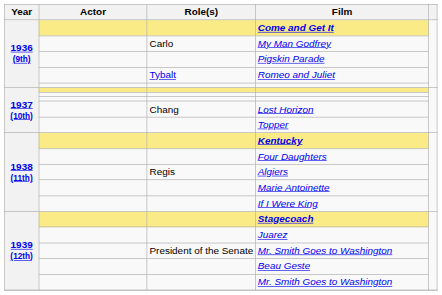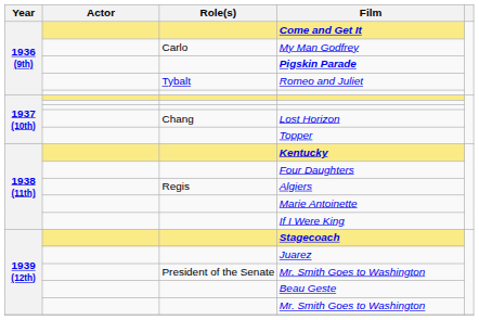 <table class="wikitable sortable" style="text-align:left;">
 <tr>
 <th scope="col" style="width:8%;">Year</th>
 <th scope="col" style="width:25%;">Actor</th>
 <th scope="col" style="width:25%;">Role(s)</th>
 <th scope="col" style="width:40%;">Film</th>
 <th scope="col" style="width:2%;" class="unsortable"></th>
 </tr>
 <tr>
 <th scope="row" rowspan=5 style="text-align:center"><a href='#'>1936</a> <br><small><a href='#'>(9th)</a> </small></th>
 <td style="background:#FAEB86"><strong> </strong></td>
 <td style="background:#FAEB86"><strong></strong></td>
 <td style="background:#FAEB86"><strong><em><a href='#'>Come and Get It</a></em></strong></td>
 <td rowspan=5></td>
 </tr>
 <tr>
 <td></td>
 <td>Carlo</td>
 <td><em><a href='#'>My Man Godfrey</a></em></td>
 </tr>
 <tr>
 <td></td>
 <td></td>
-<td><em><a href='#'>Pigskin Parade</a></em></td>
+<td><strong><em><a href='#'>Pigskin Parade</a></em></strong></td>
 </tr>
 <tr>
 <td></td>
 <td><a href='#'>Tybalt</a></td>
 <td><em><a href='#'>Romeo and Juliet</a></em></td>
 </tr>
 <tr>
 <td></td>
 <td></td>
 <td></td>
 </tr>
 <tr>
 <th scope="row" rowspan=5 style="text-align:center"><a href='#'>1937</a> <br><small><a href='#'>(10th)</a> </small></th>
 <td style="background:#FAEB86"><strong> </strong></td>
 <td style="background:#FAEB86"><strong></strong></td>
 <td style="background:#FAEB86"><strong></strong></td>
 <td rowspan=5></td>
 </tr>
 <tr>
 <td></td>
 <td></td>
 <td></td>
 </tr>
 <tr>
 <td></td>
 <td></td>
 <td></td>
 </tr>
 <tr>
 <td></td>
 <td>Chang</td>
 <td><em><a href='#'>Lost Horizon</a></em></td>
 </tr>
 <tr>
 <td></td>
 <td></td>
 <td><em><a href='#'>Topper</a></em></td>
 </tr>
 <tr>
 <th scope="row" rowspan=5 style="text-align:center"><a href='#'>1938</a> <br><small><a href='#'>(11th)</a> </small></th>
 <td style="background:#FAEB86"><strong> </strong></td>
 <td style="background:#FAEB86"><strong></strong></td>
 <td style="background:#FAEB86"><strong><em><a href='#'>Kentucky</a></em></strong></td>
 <td rowspan=5></td>
 </tr>
 <tr>
 <td></td>
 <td></td>
 <td><em><a href='#'>Four Daughters</a></em></td>
 </tr>
 <tr>
 <td></td>
 <td>Regis</td>
 <td><em><a href='#'>Algiers</a></em></td>
 </tr>
 <tr>
 <td></td>
 <td></td>
 <td><em><a href='#'>Marie Antoinette</a></em></td>
 </tr>
 <tr>
 <td></td>
 <td></td>
 <td><em><a href='#'>If I Were King</a></em></td>
 </tr>
 <tr>
 <th scope="row" rowspan=5 style="text-align:center"><a href='#'>1939</a> <br><small><a href='#'>(12th)</a> </small></th>
 <td style="background:#FAEB86"><strong> </strong></td>
 <td style="background:#FAEB86"><strong></strong></td>
 <td style="background:#FAEB86"><strong><em><a href='#'>Stagecoach</a></em></strong></td>
 <td rowspan=5></td>
 </tr>
 <tr>
 <td></td>
 <td></td>
 <td><em><a href='#'>Juarez</a></em></td>
 </tr>
 <tr>
 <td></td>
 <td>President of the Senate</td>
 <td><em><a href='#'>Mr. Smith Goes to Washington</a></em></td>
 </tr>
 <tr>
 <td></td>
 <td></td>
 <td><em><a href='#'>Beau Geste</a></em></td>
 </tr>
 <tr>
 <td></td>
 <td></td>
 <td><em><a href='#'>Mr. Smith Goes to Washington</a></em></td>
 </tr>
 <tr>
 </tr>
 </table>
